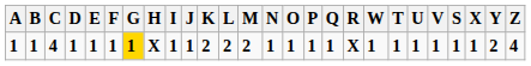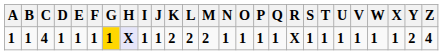 <table class="wikitable">
 <tr>
 <th>A</th>
 <th>B</th>
 <th>C</th>
 <th>D</th>
 <th>E</th>
 <th>F</th>
 <th>G</th>
 <th>H</th>
 <th>I</th>
 <th>J</th>
 <th>K</th>
 <th>L</th>
 <th>M</th>
 <th>N</th>
 <th>O</th>
 <th>P</th>
 <th>Q</th>
 <th>R</th>
-<th>W</th>
+<th>S</th>
 <th>T</th>
 <th>U</th>
 <th>V</th>
-<th>S</th>
+<th>W</th>
 <th>X</th>
 <th>Y</th>
 <th>Z</th>
 </tr>
 <tr>
 <td><strong>1</strong></td>
 <td><strong>1</strong></td>
 <td><strong>4</strong></td>
 <td><strong>1</strong></td>
 <td><strong>1</strong></td>
 <td><strong>1</strong></td>
 <td style="background: gold;"><strong>1</strong></td>
-<td><strong>X</strong></td>
+<td style="background: lavender;"><strong>X</strong></td>
 <td><strong>1</strong></td>
 <td><strong>1</strong></td>
 <td><strong>2</strong></td>
 <td><strong>2</strong></td>
 <td><strong>2</strong></td>
 <td><strong>1</strong></td>
 <td><strong>1</strong></td>
 <td><strong>1</strong></td>
 <td><strong>1</strong></td>
 <td><strong>X</strong></td>
 <td><strong>1</strong></td>
 <td><strong>1</strong></td>
 <td><strong>1</strong></td>
 <td><strong>1</strong></td>
 <td><strong>1</strong></td>
 <td><strong>1</strong></td>
 <td><strong>2</strong></td>
 <td><strong>4</strong></td>
 </tr>
 </table>
